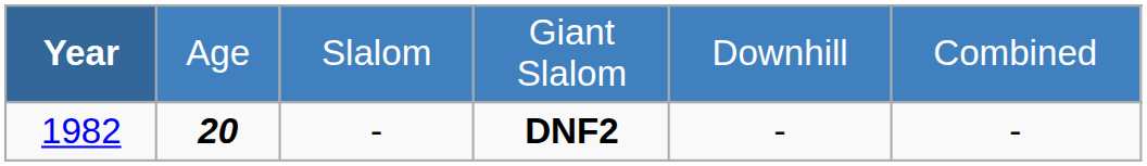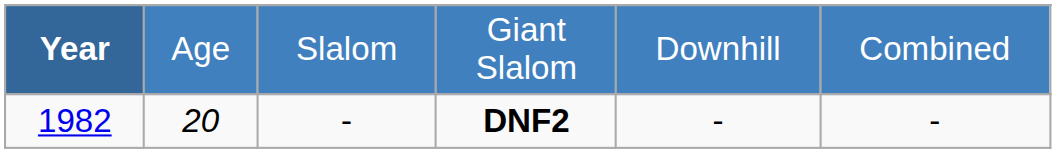 <table class="wikitable" style="font-size:100%; text-align:center; border:grey solid 1px; border-collapse:collapse;" width="40%">
 <tr style="background-color:#369; color:white;">
 <td rowspan="2" colspan="1" width="4%"><strong>Year</strong></td>
 </tr>
 <tr style="background-color:#4180be; color:white;">
 <td width="3%">Age</td>
 <td width="5%">Slalom</td>
 <td width="5%">Giant<br>Slalom</td>
 <td width="5%">Downhill</td>
 <td width="5%">Combined</td>
 </tr>
 <tr style="background-color:#8CB2D8; color:white;">
 </tr>
 <tr>
 <td><a href='#'>1982</a></td>
-<td><strong><em>20</em></strong></td>
+<td><em>20</em></td>
 <td>-</td>
 <td><strong>DNF2</strong></td>
 <td>-</td>
 <td>-</td>
 </tr>
 </table>
